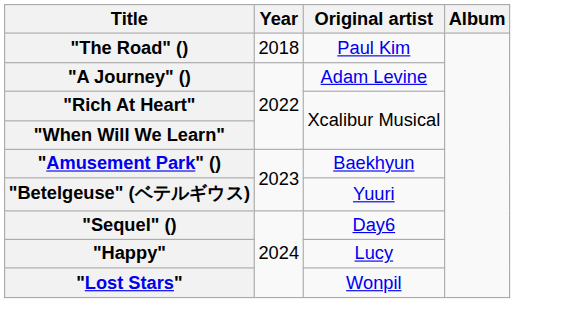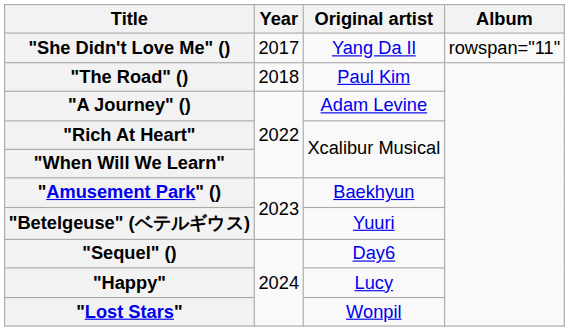 <table class="wikitable plainrowheaders" style="text-align:center">
 <tr>
 <th>Title</th>
 <th>Year</th>
 <th>Original artist</th>
 <th>Album</th>
+</tr>
+<tr>
+<th scope="row">"She Didn't Love Me" ()</th>
+<td>2017</td>
+<td><a href='#'>Yang Da Il</a></td>
+<td>rowspan="11" </td>
 </tr>
 <tr>
 <th scope="row">"The Road" ()</th>
 <td>2018</td>
 <td><a href='#'>Paul Kim</a></td>
 </tr>
 <tr>
 <th scope="row">"A Journey" ()</th>
 <td rowspan="3">2022</td>
 <td><a href='#'>Adam Levine</a></td>
 </tr>
 <tr>
 <th scope="row">"Rich At Heart"</th>
 <td rowspan="2">Xcalibur Musical</td>
 </tr>
 <tr>
 <th scope="row">"When Will We Learn"</th>
 </tr>
 <tr>
 <th scope="row">"<a href='#'>Amusement Park</a>" ()</th>
 <td rowspan="2">2023</td>
 <td><a href='#'>Baekhyun</a></td>
 </tr>
 <tr>
 <th scope="row">"Betelgeuse" (ベテルギウス)</th>
 <td><a href='#'>Yuuri</a></td>
 </tr>
 <tr>
 <th scope="row">"Sequel" ()</th>
 <td rowspan="3">2024</td>
 <td><a href='#'>Day6</a></td>
 </tr>
 <tr>
 <th scope="row">"Happy"</th>
 <td><a href='#'>Lucy</a></td>
 </tr>
 <tr>
 <th scope="row">"<a href='#'>Lost Stars</a>"</th>
 <td><a href='#'>Wonpil</a></td>
 </tr>
 </table>
